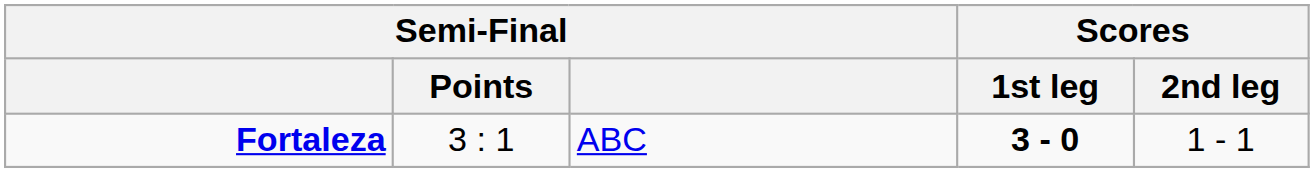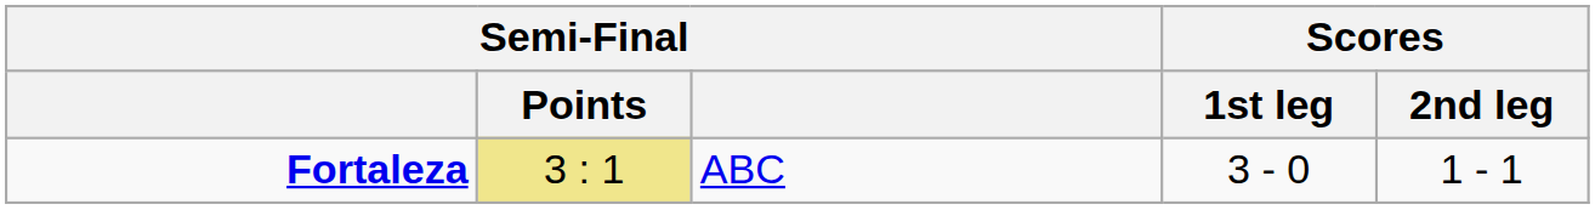 <table class="wikitable" style="text-align:center;">
 <tr>
 <th colspan=3>Semi-Final</th>
 <th colspan=3>Scores</th>
 </tr>
 <tr>
 <th width="175"></th>
 <th width="75">Points</th>
 <th width="175"></th>
 <th width="75">1st leg</th>
 <th width="75">2nd leg</th>
 </tr>
 <tr>
 <td align=right><strong><a href='#'>Fortaleza</a></strong></td>
-<td>3 : 1</td>
+<td style="background: khaki;">3 : 1</td>
 <td align=left><a href='#'>ABC</a></td>
-<td><strong>3 - 0</strong></td>
+<td>3 - 0</td>
 <td>1 - 1</td>
 </tr>
 </table>
